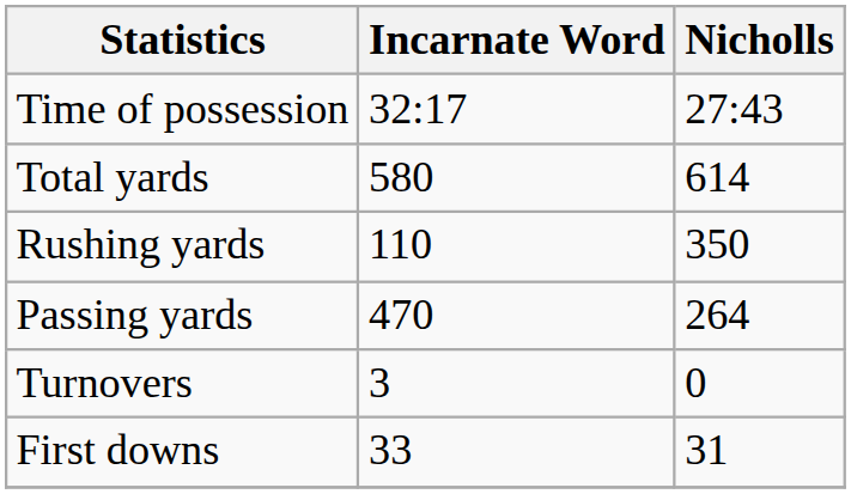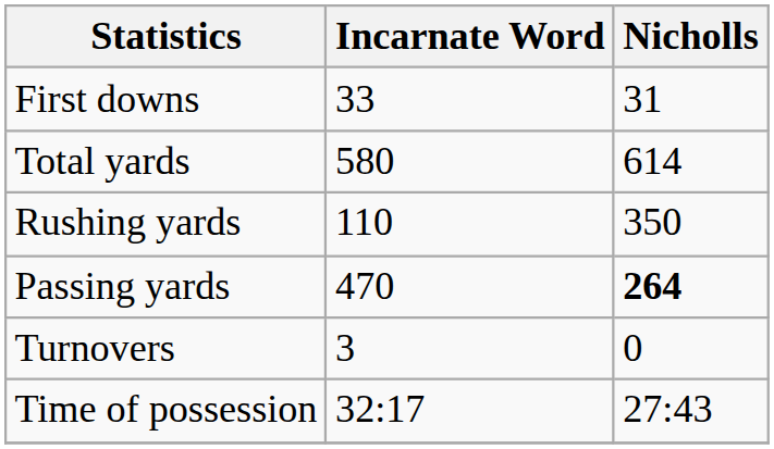 <table class="wikitable">
 <tr>
 <th>Statistics</th>
 <th>Incarnate Word</th>
 <th>Nicholls</th>
 </tr>
 <tr>
-<td>Time of possession</td>
-<td>32:17</td>
-<td>27:43</td>
+<td>First downs</td>
+<td>33</td>
+<td>31</td>
 </tr>
 <tr>
 <td>Total yards</td>
 <td>580</td>
 <td>614</td>
 </tr>
 <tr>
 <td>Rushing yards</td>
 <td>110</td>
 <td>350</td>
 </tr>
 <tr>
 <td>Passing yards</td>
 <td>470</td>
-<td>264</td>
+<td><strong>264</strong></td>
 </tr>
 <tr>
 <td>Turnovers</td>
 <td>3</td>
 <td>0</td>
 </tr>
 <tr>
-<td>First downs</td>
-<td>33</td>
-<td>31</td>
+<td>Time of possession</td>
+<td>32:17</td>
+<td>27:43</td>
 </tr>
 <tr>
 </tr>
 </table>
